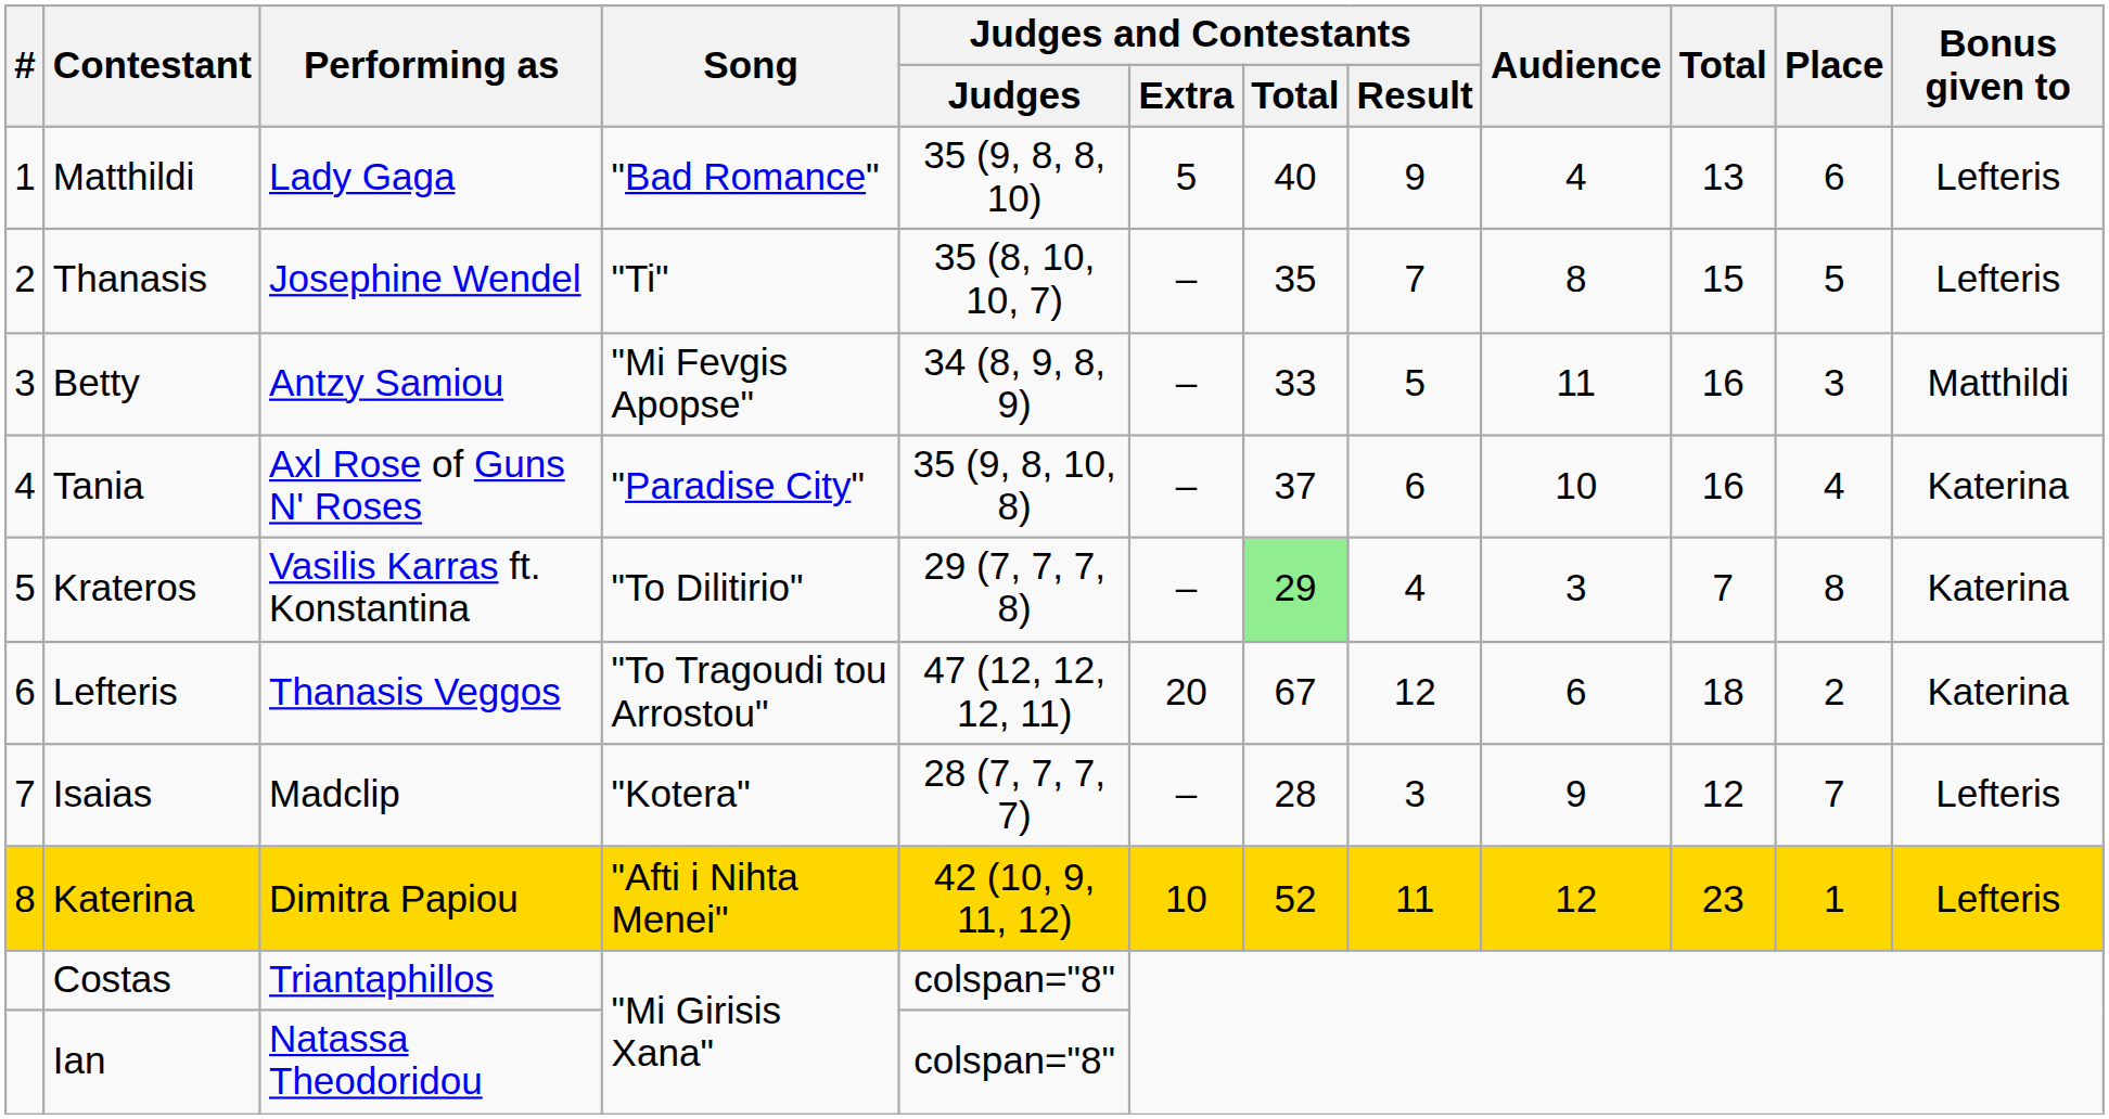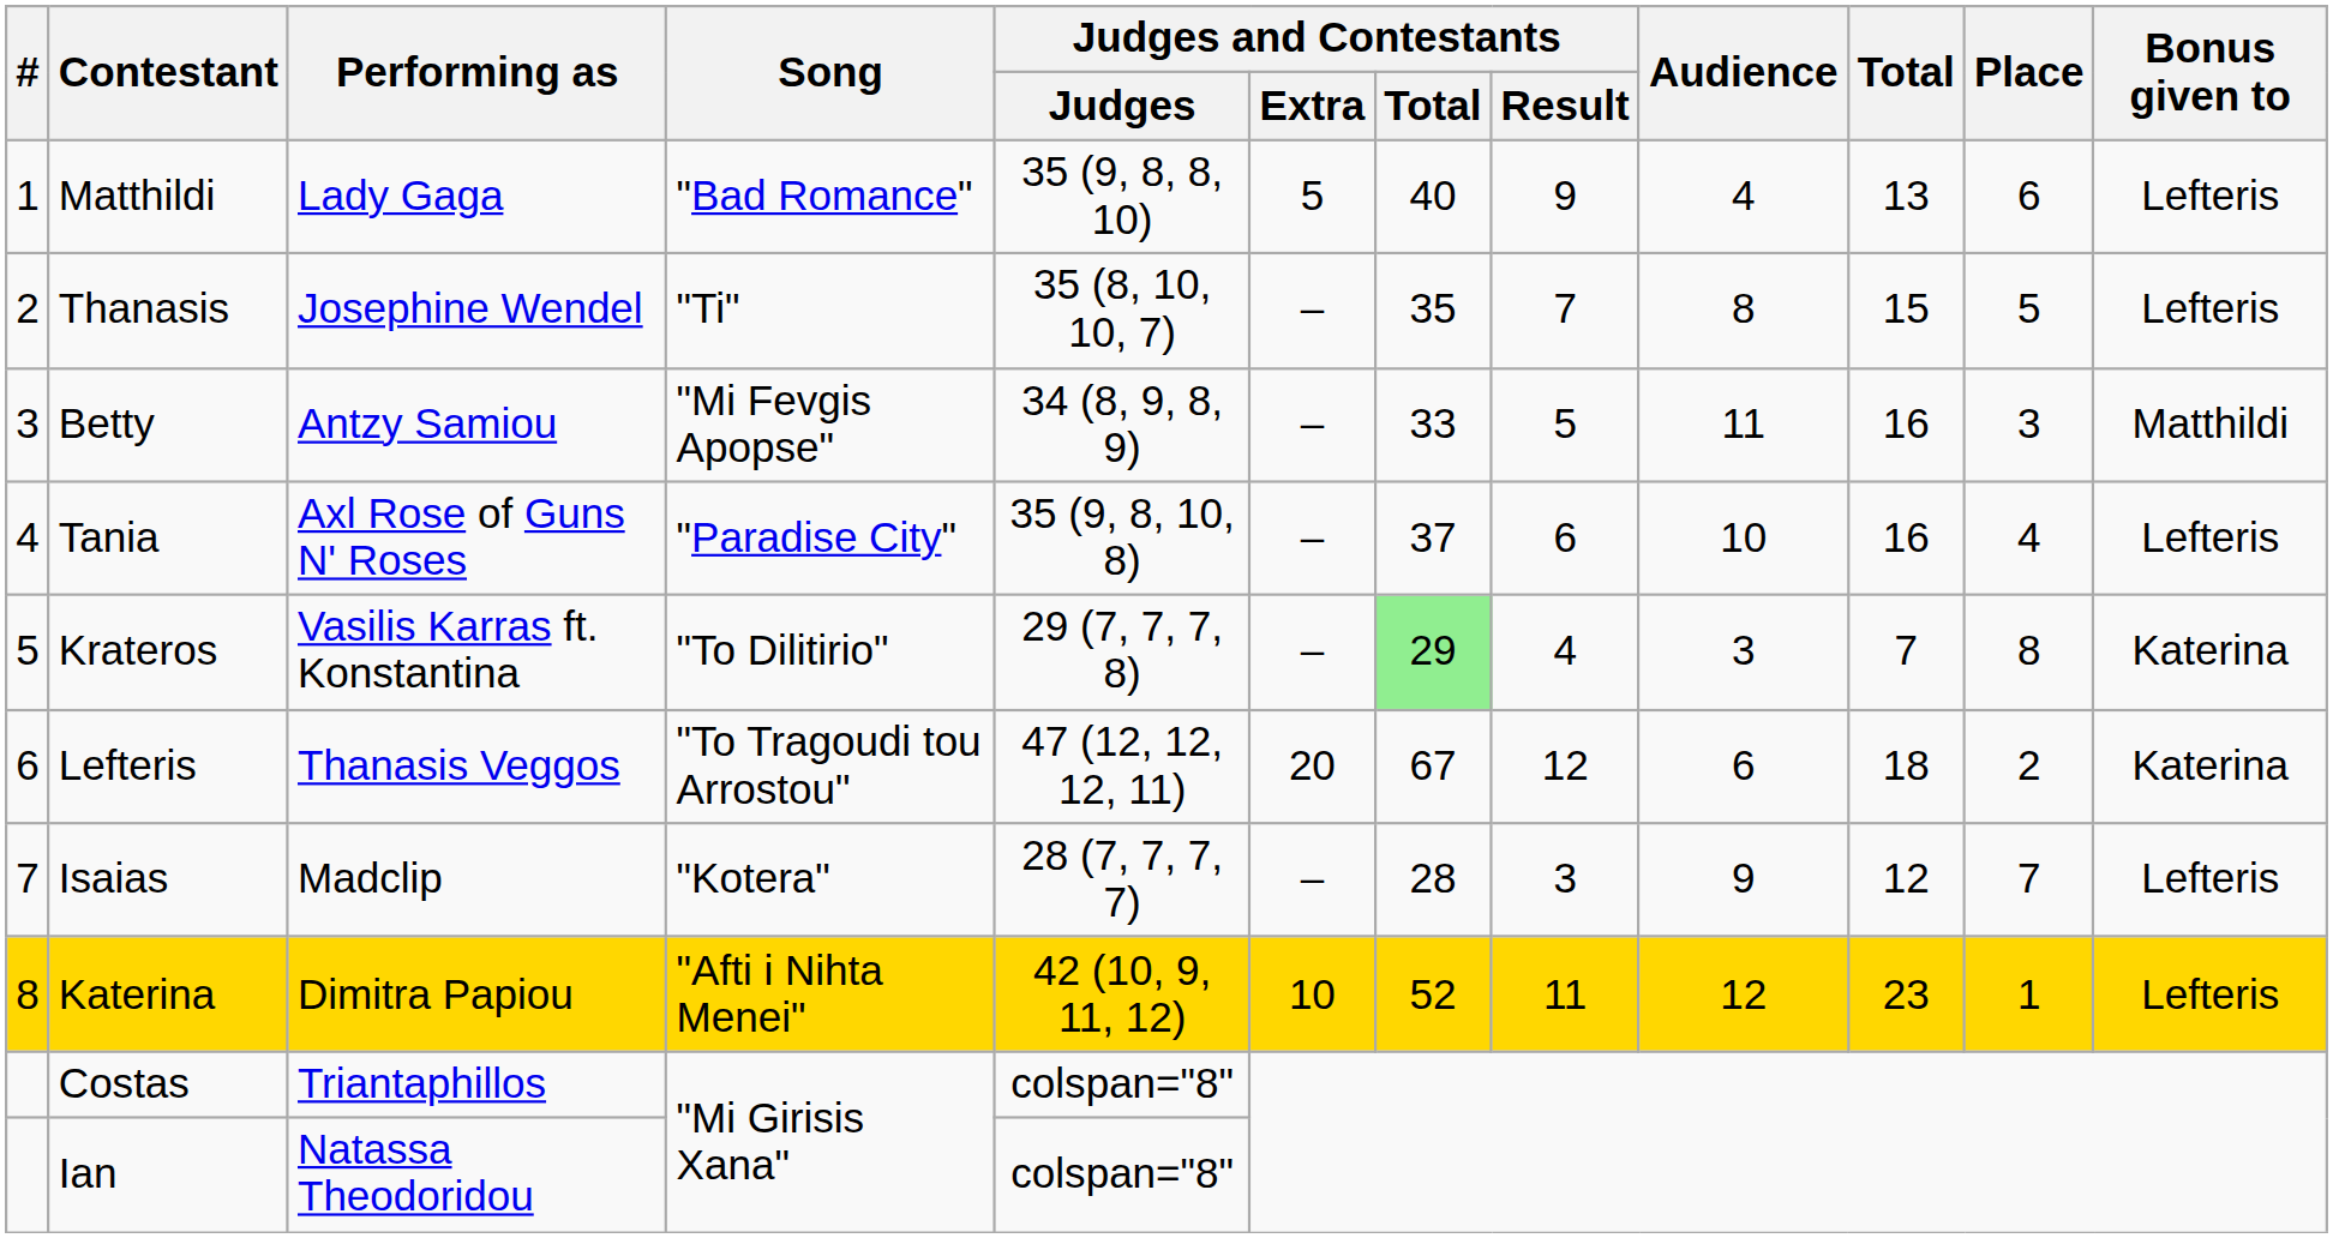 <table class="sortable wikitable" style="text-align:center;" width="100%">
 <tr>
 <th rowspan="2">#</th>
 <th rowspan="2">Contestant</th>
 <th rowspan="2">Performing as</th>
 <th rowspan="2">Song</th>
 <th colspan="4">Judges and Contestants</th>
 <th rowspan="2">Audience</th>
 <th rowspan="2">Total</th>
 <th rowspan="2">Place</th>
 <th rowspan="2">Bonus given to</th>
 </tr>
 <tr>
 <th width="11%">Judges</th>
 <th>Extra</th>
 <th>Total</th>
 <th>Result</th>
 </tr>
 <tr>
 <td>1</td>
 <td align="left">Matthildi</td>
 <td align="left"><a href='#'>Lady Gaga</a></td>
 <td align="left">"<a href='#'>Bad Romance</a>"</td>
 <td>35 (9, 8, 8, 10)</td>
 <td>5</td>
 <td>40</td>
 <td>9</td>
 <td>4</td>
 <td>13</td>
 <td>6</td>
 <td>Lefteris</td>
 </tr>
 <tr>
 <td>2</td>
 <td align="left">Thanasis</td>
 <td align="left"><a href='#'>Josephine Wendel</a></td>
 <td align="left">"Ti"</td>
 <td>35 (8, 10, 10, 7)</td>
 <td>–</td>
 <td>35</td>
 <td>7</td>
 <td>8</td>
 <td>15</td>
 <td>5</td>
 <td>Lefteris</td>
 </tr>
 <tr>
 <td>3</td>
 <td align="left">Betty</td>
 <td align="left"><a href='#'>Antzy Samiou</a></td>
 <td align="left">"Mi Fevgis Apopse"</td>
 <td>34 (8, 9, 8, 9)</td>
 <td>–</td>
 <td>33</td>
 <td>5</td>
 <td>11</td>
 <td>16</td>
 <td>3</td>
 <td>Matthildi</td>
 </tr>
 <tr>
 <td>4</td>
 <td align="left">Tania</td>
 <td align="left"><a href='#'>Axl Rose</a> of <a href='#'>Guns N' Roses</a></td>
 <td align="left">"<a href='#'>Paradise City</a>"</td>
 <td>35 (9, 8, 10, 8)</td>
 <td>–</td>
 <td>37</td>
 <td>6</td>
 <td>10</td>
 <td>16</td>
 <td>4</td>
-<td>Katerina</td>
+<td>Lefteris</td>
 </tr>
 <tr>
 <td>5</td>
 <td align="left">Krateros</td>
 <td align="left"><a href='#'>Vasilis Karras</a> ft. Konstantina</td>
 <td align="left">"To Dilitirio"</td>
 <td>29 (7, 7, 7, 8)</td>
 <td>–</td>
 <td style="background: lightgreen;">29</td>
 <td>4</td>
 <td>3</td>
 <td>7</td>
 <td>8</td>
 <td>Katerina</td>
 </tr>
 <tr>
 <td>6</td>
 <td align="left">Lefteris</td>
 <td align="left"><a href='#'>Thanasis Veggos</a></td>
 <td align="left">"To Tragoudi tou Arrostou"</td>
 <td>47 (12, 12, 12, 11)</td>
 <td>20</td>
 <td>67</td>
 <td>12</td>
 <td>6</td>
 <td>18</td>
 <td>2</td>
 <td>Katerina</td>
 </tr>
 <tr>
 <td>7</td>
 <td align="left">Isaias</td>
 <td align="left">Madclip</td>
 <td align="left">"Kotera"</td>
 <td>28 (7, 7, 7, 7)</td>
 <td>–</td>
 <td>28</td>
 <td>3</td>
 <td>9</td>
 <td>12</td>
 <td>7</td>
 <td>Lefteris</td>
 </tr>
 <tr bgcolor="gold">
 <td>8</td>
 <td align="left">Katerina</td>
 <td align="left">Dimitra Papiou</td>
 <td align="left">"Afti i Nihta Menei"</td>
 <td>42 (10, 9, 11, 12)</td>
 <td>10</td>
 <td>52</td>
 <td>11</td>
 <td>12</td>
 <td>23</td>
 <td>1</td>
 <td>Lefteris</td>
 </tr>
 <tr>
 <td></td>
 <td align="left">Costas</td>
 <td align="left"><a href='#'>Triantaphillos</a></td>
 <td align="left" rowspan="2">"Mi Girisis Xana"</td>
 <td>colspan="8" </td>
 </tr>
 <tr>
 <td></td>
 <td align="left">Ian</td>
 <td align="left"><a href='#'>Natassa Theodoridou</a></td>
 <td>colspan="8" </td>
 </tr>
 <tr>
 </tr>
 </table>
